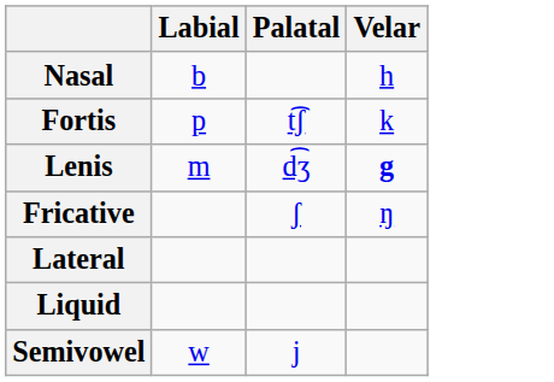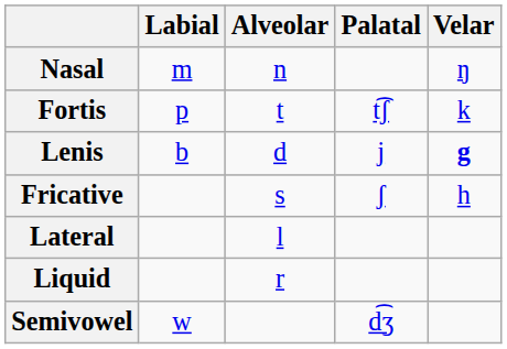 <table class="wikitable" style="text-align:center; display:inline-table">
 <tr>
 <th></th>
 <th>Labial</th>
+<th>Alveolar</th>
 <th>Palatal</th>
 <th>Velar</th>
 </tr>
 <tr>
 <th>Nasal</th>
-<td><a href='#'>b</a></td>
+<td><a href='#'>m</a></td>
+<td><a href='#'>n</a></td>
 <td></td>
-<td><a href='#'>h</a></td>
+<td><a href='#'>ŋ</a></td>
 </tr>
 <tr>
 <th>Fortis</th>
 <td><a href='#'>p</a></td>
+<td><a href='#'>t</a></td>
 <td><a href='#'>t͡ʃ</a></td>
 <td><a href='#'>k</a></td>
 </tr>
 <tr>
 <th>Lenis</th>
-<td><a href='#'>m</a></td>
-<td><a href='#'>d͡ʒ</a></td>
+<td><a href='#'>b</a></td>
+<td><a href='#'>d</a></td>
+<td><a href='#'>j</a></td>
 <td><strong><a href='#'>g</a></strong></td>
 </tr>
 <tr>
 <th>Fricative</th>
 <td></td>
+<td><a href='#'>s</a></td>
 <td><a href='#'>ʃ</a></td>
-<td><a href='#'>ŋ</a></td>
+<td><a href='#'>h</a></td>
 </tr>
 <tr>
 <th>Lateral</th>
 <td></td>
+<td><a href='#'>l</a></td>
 <td></td>
 <td></td>
 </tr>
 <tr>
 <th>Liquid</th>
 <td></td>
+<td><a href='#'>r</a></td>
 <td></td>
 <td></td>
 </tr>
 <tr>
 <th>Semivowel</th>
 <td><a href='#'>w</a></td>
-<td><a href='#'>j</a></td>
+<td></td>
+<td><a href='#'>d͡ʒ</a></td>
 <td></td>
 </tr>
 </table>
